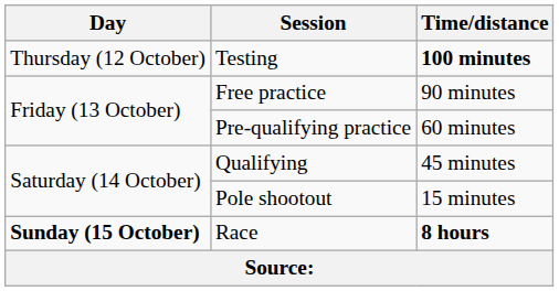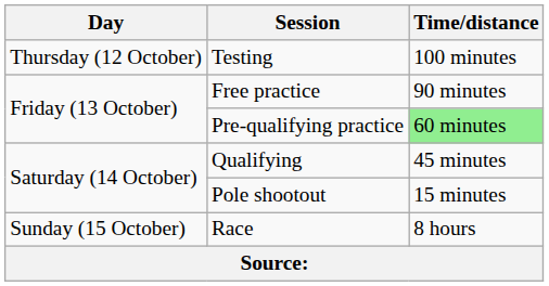 <table class="wikitable" style="font-size: 90%;">
 <tr>
 <th>Day</th>
 <th>Session</th>
 <th>Time/distance</th>
 </tr>
 <tr>
 <td>Thursday (12 October)</td>
 <td>Testing</td>
-<td><strong>100 minutes</strong></td>
+<td>100 minutes</td>
 </tr>
 <tr>
 <td rowspan=2>Friday (13 October)</td>
 <td>Free practice</td>
 <td>90 minutes</td>
 </tr>
 <tr>
 <td>Pre-qualifying practice</td>
-<td>60 minutes</td>
+<td style="background: lightgreen;">60 minutes</td>
 </tr>
 <tr>
 <td rowspan=2>Saturday (14 October)</td>
 <td>Qualifying</td>
 <td>45 minutes</td>
 </tr>
 <tr>
 <td>Pole shootout</td>
 <td>15 minutes</td>
 </tr>
 <tr>
-<td><strong>Sunday (15 October)</strong></td>
+<td>Sunday (15 October)</td>
 <td>Race</td>
-<td><strong>8 hours</strong></td>
+<td>8 hours</td>
 </tr>
 <tr>
 <th colspan=3>Source:</th>
 </tr>
 </table>
